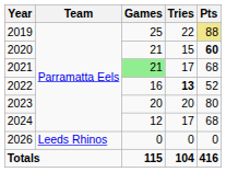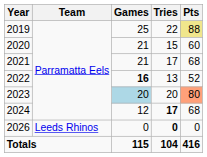 <table class="wikitable">
 <tr>
 <th>Year</th>
 <th>Team</th>
 <th>Games</th>
 <th>Tries</th>
 <th>Pts</th>
 </tr>
 <tr>
 <td align=center>2019</td>
 <td rowspan="6"> <a href='#'>Parramatta Eels</a></td>
 <td align=right>25</td>
 <td align=right>22</td>
 <td align=right style="background: khaki;">88</td>
 </tr>
 <tr>
 <td align=center>2020</td>
 <td align=right>21</td>
 <td align=right>15</td>
-<td align=right><strong>60</strong></td>
+<td align=right>60</td>
 </tr>
 <tr>
 <td align=center>2021</td>
-<td align=right style="background: lightgreen;">21</td>
+<td align=right>21</td>
 <td align=right>17</td>
 <td align=right>68</td>
 </tr>
 <tr>
 <td align=center>2022</td>
-<td align=right>16</td>
-<td align=right><strong>13</strong></td>
+<td align=right><strong>16</strong></td>
+<td align=right>13</td>
 <td align=right>52</td>
 </tr>
 <tr>
 <td align=center>2023</td>
+<td align=right style="background: lightblue;">20</td>
 <td align=right>20</td>
-<td align=right>20</td>
-<td align=right>80</td>
+<td align=right style="background: lightsalmon;">80</td>
 </tr>
 <tr>
 <td align=center>2024</td>
 <td align=right>12</td>
-<td align=right>17</td>
+<td align=right><strong>17</strong></td>
 <td align=right>68</td>
 </tr>
 <tr>
 <td align=center>2026</td>
 <td align=left> <a href='#'>Leeds Rhinos</a></td>
 <td align=right>0</td>
-<td align=right>0</td>
+<td align=right><strong>0</strong></td>
 <td align=right>0</td>
 </tr>
 <tr>
 <td colspan=2 align=left><strong>Totals</strong></td>
 <td align=right><strong>115</strong></td>
 <td align=right><strong>104</strong></td>
 <td align=right><strong>416</strong></td>
 </tr>
 </table>
